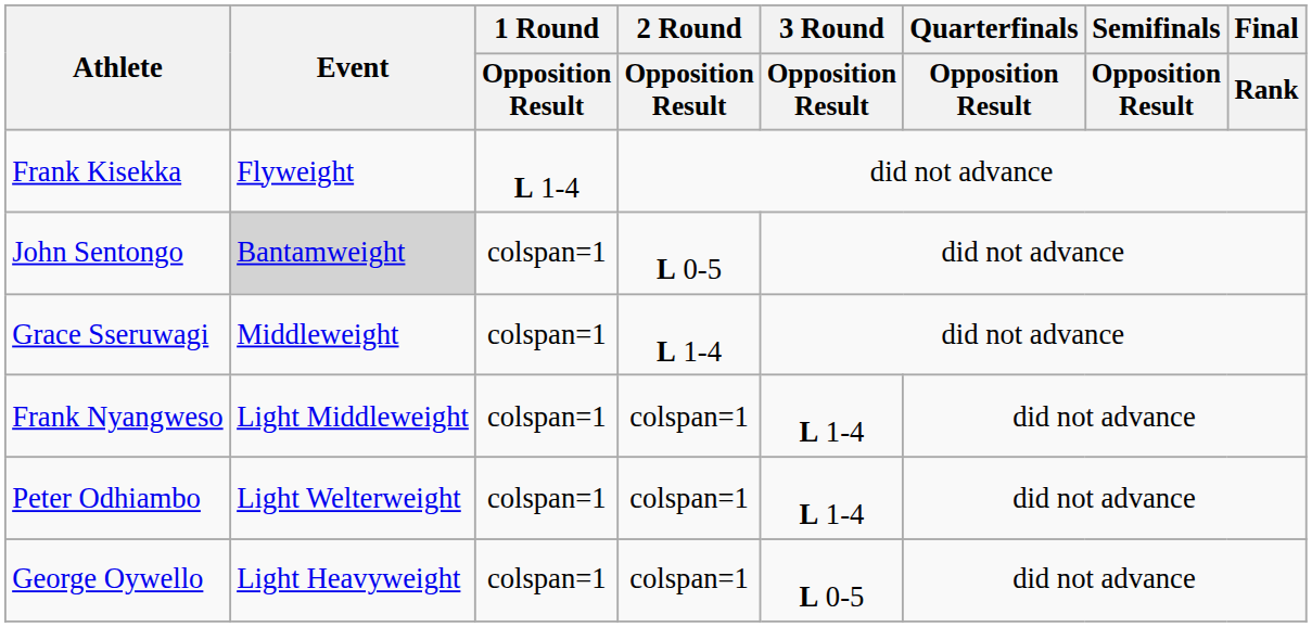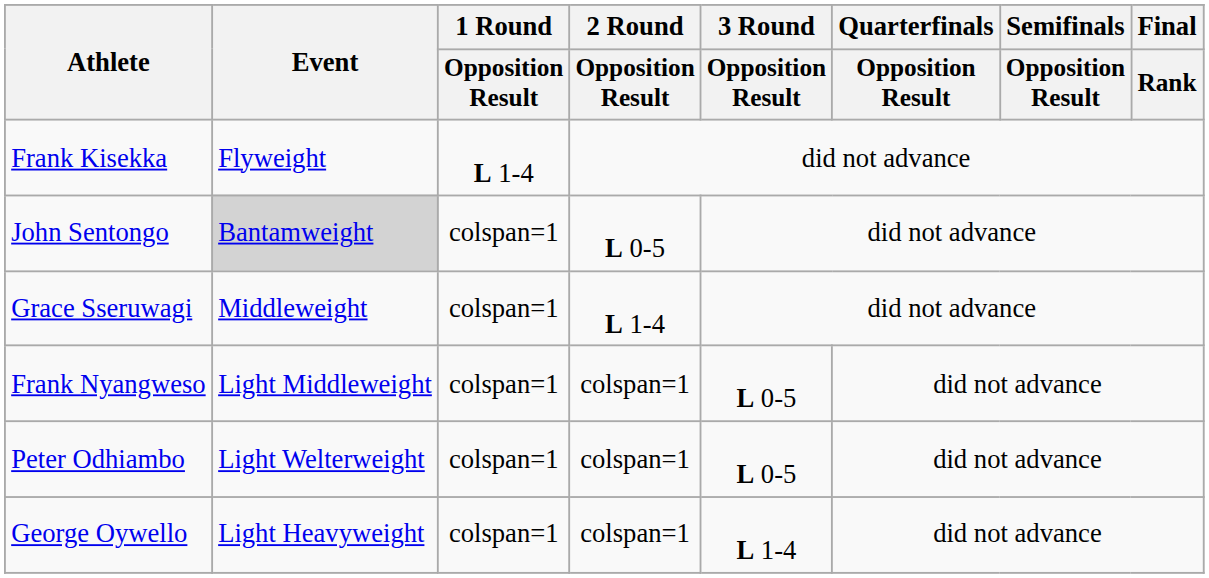 <table class="wikitable" style="font-size:90%">
 <tr>
 <th rowspan="2">Athlete</th>
 <th rowspan="2">Event</th>
 <th>1 Round</th>
 <th>2 Round</th>
 <th>3 Round</th>
 <th>Quarterfinals</th>
 <th>Semifinals</th>
 <th colspan=2>Final</th>
 </tr>
 <tr style="font-size:95%">
 <th>Opposition<br>Result</th>
 <th>Opposition<br>Result</th>
 <th>Opposition<br>Result</th>
 <th>Opposition<br>Result</th>
 <th>Opposition<br>Result</th>
 <th colspan=2>Rank</th>
 </tr>
 <tr align=center>
 <td align=left><a href='#'>Frank Kisekka</a></td>
 <td align=left><a href='#'>Flyweight</a></td>
 <td><br><strong>L</strong> 1-4</td>
 <td colspan=6>did not advance</td>
 </tr>
 <tr align=center>
 <td align=left><a href='#'>John Sentongo</a></td>
 <td align=left style="background: lightgrey;"><a href='#'>Bantamweight</a></td>
 <td>colspan=1 </td>
 <td><br><strong>L</strong> 0-5</td>
 <td colspan=5>did not advance</td>
 </tr>
 <tr align=center>
 <td align=left><a href='#'>Grace Sseruwagi</a></td>
 <td align=left><a href='#'>Middleweight</a></td>
 <td>colspan=1 </td>
 <td><br><strong>L</strong> 1-4</td>
 <td colspan=5>did not advance</td>
 </tr>
 <tr align=center>
 <td align=left><a href='#'>Frank Nyangweso</a></td>
 <td align=left><a href='#'>Light Middleweight</a></td>
 <td>colspan=1 </td>
 <td>colspan=1 </td>
-<td><br><strong>L</strong> 1-4</td>
+<td><br><strong>L</strong> 0-5</td>
 <td colspan=4>did not advance</td>
 </tr>
 <tr align=center>
 <td align=left><a href='#'>Peter Odhiambo</a></td>
 <td align=left><a href='#'>Light Welterweight</a></td>
 <td>colspan=1 </td>
 <td>colspan=1 </td>
-<td><br><strong>L</strong> 1-4</td>
+<td><br><strong>L</strong> 0-5</td>
 <td colspan=4>did not advance</td>
 </tr>
 <tr align=center>
 <td align=left><a href='#'>George Oywello</a></td>
 <td align=left><a href='#'>Light Heavyweight</a></td>
 <td>colspan=1 </td>
 <td>colspan=1 </td>
-<td><br><strong>L</strong> 0-5</td>
+<td><br><strong>L</strong> 1-4</td>
 <td colspan=4>did not advance</td>
 </tr>
 </table>
